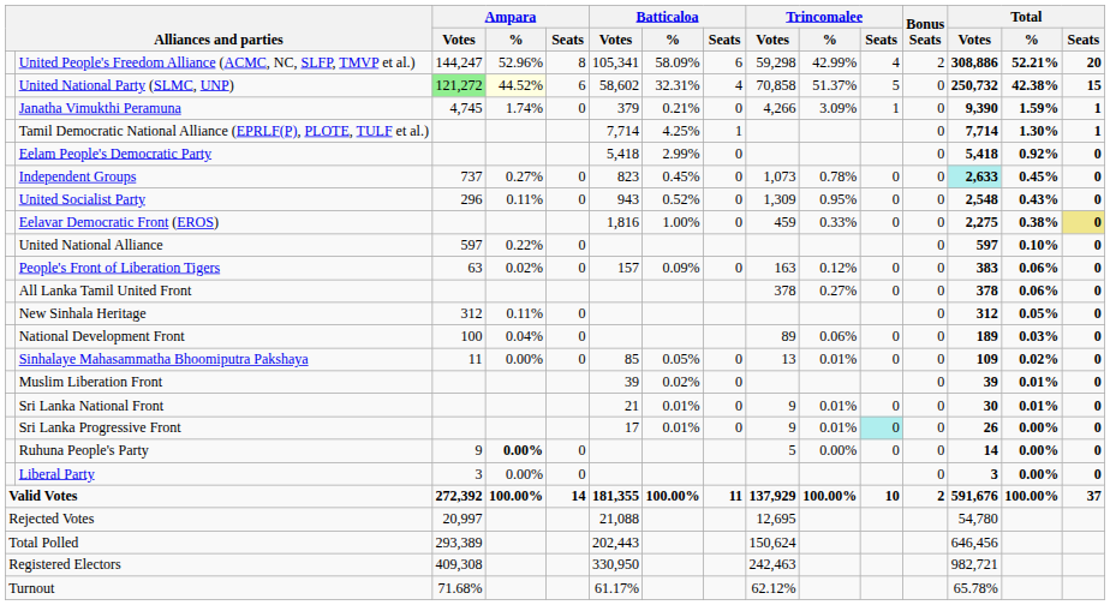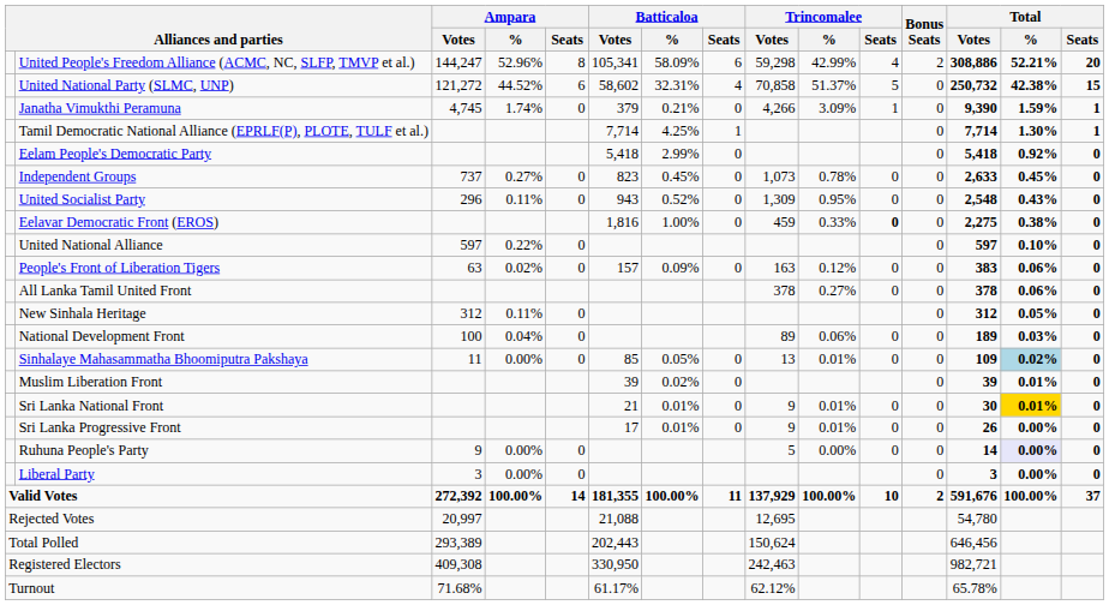 <table class="wikitable" style="text-align:right;">
 <tr>
 <th valign=bottom rowspan=2 colspan=2 width="300">Alliances and parties</th>
 <th colspan=3><a href='#'>Ampara</a></th>
 <th colspan=3><a href='#'>Batticaloa</a></th>
 <th colspan=3><a href='#'>Trincomalee</a></th>
 <th valign=bottom rowspan=2 width="40">Bonus<br>Seats</th>
 <th colspan=3>Total</th>
 </tr>
 <tr>
 <th align=center valign=bottom width="50">Votes</th>
 <th align=center valign=bottom width="50">%</th>
 <th align=center valign=bottom width="40">Seats</th>
 <th align=center valign=bottom width="50">Votes</th>
 <th align=center valign=bottom width="50">%</th>
 <th align=center valign=bottom width="40">Seats</th>
 <th align=center valign=bottom width="50">Votes</th>
 <th align=center valign=bottom width="50">%</th>
 <th align=center valign=bottom width="40">Seats</th>
 <th align=center valign=bottom width="50">Votes</th>
 <th align=center valign=bottom width="50">%</th>
 <th align=center valign=bottom width="40">Seats</th>
 </tr>
 <tr>
 <td bgcolor=> </td>
 <td align=left><a href='#'>United People's Freedom Alliance</a> (<a href='#'>ACMC</a>, NC, <a href='#'>SLFP</a>, <a href='#'>TMVP</a> et al.)</td>
 <td>144,247</td>
 <td>52.96%</td>
 <td>8</td>
 <td>105,341</td>
 <td>58.09%</td>
 <td>6</td>
 <td>59,298</td>
 <td>42.99%</td>
 <td>4</td>
 <td>2</td>
 <td><strong>308,886</strong></td>
 <td><strong>52.21%</strong></td>
 <td><strong>20</strong></td>
 </tr>
 <tr>
 <td bgcolor=> </td>
 <td align=left><a href='#'>United National Party</a> (<a href='#'>SLMC</a>, <a href='#'>UNP</a>)</td>
-<td style="background: lightgreen;">121,272</td>
-<td style="background: lightyellow;">44.52%</td>
+<td>121,272</td>
+<td>44.52%</td>
 <td>6</td>
 <td>58,602</td>
 <td>32.31%</td>
 <td>4</td>
 <td>70,858</td>
 <td>51.37%</td>
 <td>5</td>
 <td>0</td>
 <td><strong>250,732</strong></td>
 <td><strong>42.38%</strong></td>
 <td><strong>15</strong></td>
 </tr>
 <tr>
 <td bgcolor=> </td>
 <td align=left><a href='#'>Janatha Vimukthi Peramuna</a></td>
 <td>4,745</td>
 <td>1.74%</td>
 <td>0</td>
 <td>379</td>
 <td>0.21%</td>
 <td>0</td>
 <td>4,266</td>
 <td>3.09%</td>
 <td>1</td>
 <td>0</td>
 <td><strong>9,390</strong></td>
 <td><strong>1.59%</strong></td>
 <td><strong>1</strong></td>
 </tr>
 <tr>
 <td bgcolor=> </td>
 <td align=left>Tamil Democratic National Alliance (<a href='#'>EPRLF(P)</a>, <a href='#'>PLOTE</a>, <a href='#'>TULF</a> et al.)</td>
 <td></td>
 <td></td>
 <td></td>
 <td>7,714</td>
 <td>4.25%</td>
 <td>1</td>
 <td></td>
 <td></td>
 <td></td>
 <td>0</td>
 <td><strong>7,714</strong></td>
 <td><strong>1.30%</strong></td>
 <td><strong>1</strong></td>
 </tr>
 <tr>
 <td bgcolor=> </td>
 <td align=left><a href='#'>Eelam People's Democratic Party</a></td>
 <td></td>
 <td></td>
 <td></td>
 <td>5,418</td>
 <td>2.99%</td>
 <td>0</td>
 <td></td>
 <td></td>
 <td></td>
 <td>0</td>
 <td><strong>5,418</strong></td>
 <td><strong>0.92%</strong></td>
 <td><strong>0</strong></td>
 </tr>
 <tr>
 <td bgcolor=> </td>
 <td align=left><a href='#'>Independent Groups</a></td>
 <td>737</td>
 <td>0.27%</td>
 <td>0</td>
 <td>823</td>
 <td>0.45%</td>
 <td>0</td>
 <td>1,073</td>
 <td>0.78%</td>
 <td>0</td>
 <td>0</td>
-<td style="background: paleturquoise;"><strong>2,633</strong></td>
+<td><strong>2,633</strong></td>
 <td><strong>0.45%</strong></td>
 <td><strong>0</strong></td>
 </tr>
 <tr>
 <td></td>
 <td align=left><a href='#'>United Socialist Party</a></td>
 <td>296</td>
 <td>0.11%</td>
 <td>0</td>
 <td>943</td>
 <td>0.52%</td>
 <td>0</td>
 <td>1,309</td>
 <td>0.95%</td>
 <td>0</td>
 <td>0</td>
 <td><strong>2,548</strong></td>
 <td><strong>0.43%</strong></td>
 <td><strong>0</strong></td>
 </tr>
 <tr>
 <td bgcolor=> </td>
 <td align=left><a href='#'>Eelavar Democratic Front</a> (<a href='#'>EROS</a>)</td>
 <td></td>
 <td></td>
 <td></td>
 <td>1,816</td>
 <td>1.00%</td>
 <td>0</td>
 <td>459</td>
 <td>0.33%</td>
-<td>0</td>
+<td><strong>0</strong></td>
 <td>0</td>
 <td><strong>2,275</strong></td>
 <td><strong>0.38%</strong></td>
-<td style="background: khaki;"><strong>0</strong></td>
+<td><strong>0</strong></td>
 </tr>
 <tr>
 <td></td>
 <td align=left>United National Alliance</td>
 <td>597</td>
 <td>0.22%</td>
 <td>0</td>
 <td></td>
 <td></td>
 <td></td>
 <td></td>
 <td></td>
 <td></td>
 <td>0</td>
 <td><strong>597</strong></td>
 <td><strong>0.10%</strong></td>
 <td><strong>0</strong></td>
 </tr>
 <tr>
 <td></td>
 <td align=left><a href='#'>People's Front of Liberation Tigers</a></td>
 <td>63</td>
 <td>0.02%</td>
 <td>0</td>
 <td>157</td>
 <td>0.09%</td>
 <td>0</td>
 <td>163</td>
 <td>0.12%</td>
 <td>0</td>
 <td>0</td>
 <td><strong>383</strong></td>
 <td><strong>0.06%</strong></td>
 <td><strong>0</strong></td>
 </tr>
 <tr>
 <td></td>
 <td align=left>All Lanka Tamil United Front</td>
 <td></td>
 <td></td>
 <td></td>
 <td></td>
 <td></td>
 <td></td>
 <td>378</td>
 <td>0.27%</td>
 <td>0</td>
 <td>0</td>
 <td><strong>378</strong></td>
 <td><strong>0.06%</strong></td>
 <td><strong>0</strong></td>
 </tr>
 <tr>
 <td></td>
 <td align=left>New Sinhala Heritage</td>
 <td>312</td>
 <td>0.11%</td>
 <td>0</td>
 <td></td>
 <td></td>
 <td></td>
 <td></td>
 <td></td>
 <td></td>
 <td>0</td>
 <td><strong>312</strong></td>
 <td><strong>0.05%</strong></td>
 <td><strong>0</strong></td>
 </tr>
 <tr>
 <td></td>
 <td align=left>National Development Front</td>
 <td>100</td>
 <td>0.04%</td>
 <td>0</td>
 <td></td>
 <td></td>
 <td></td>
 <td>89</td>
 <td>0.06%</td>
 <td>0</td>
 <td>0</td>
 <td><strong>189</strong></td>
 <td><strong>0.03%</strong></td>
 <td><strong>0</strong></td>
 </tr>
 <tr>
 <td bgcolor=> </td>
 <td align=left><a href='#'>Sinhalaye Mahasammatha Bhoomiputra Pakshaya</a></td>
 <td>11</td>
 <td>0.00%</td>
 <td>0</td>
 <td>85</td>
 <td>0.05%</td>
 <td>0</td>
 <td>13</td>
 <td>0.01%</td>
 <td>0</td>
 <td>0</td>
 <td><strong>109</strong></td>
-<td><strong>0.02%</strong></td>
+<td style="background: lightblue;"><strong>0.02%</strong></td>
 <td><strong>0</strong></td>
 </tr>
 <tr>
 <td></td>
 <td align=left>Muslim Liberation Front</td>
 <td></td>
 <td></td>
 <td></td>
 <td>39</td>
 <td>0.02%</td>
 <td>0</td>
 <td></td>
 <td></td>
 <td></td>
 <td>0</td>
 <td><strong>39</strong></td>
 <td><strong>0.01%</strong></td>
 <td><strong>0</strong></td>
 </tr>
 <tr>
 <td></td>
 <td align=left>Sri Lanka National Front</td>
 <td></td>
 <td></td>
 <td></td>
 <td>21</td>
 <td>0.01%</td>
 <td>0</td>
 <td>9</td>
 <td>0.01%</td>
 <td>0</td>
 <td>0</td>
 <td><strong>30</strong></td>
-<td><strong>0.01%</strong></td>
+<td style="background: gold;"><strong>0.01%</strong></td>
 <td><strong>0</strong></td>
 </tr>
 <tr>
 <td></td>
 <td align=left>Sri Lanka Progressive Front</td>
 <td></td>
 <td></td>
 <td></td>
 <td>17</td>
 <td>0.01%</td>
 <td>0</td>
 <td>9</td>
 <td>0.01%</td>
-<td style="background: paleturquoise;">0</td>
+<td>0</td>
 <td>0</td>
 <td><strong>26</strong></td>
 <td><strong>0.00%</strong></td>
 <td><strong>0</strong></td>
 </tr>
 <tr>
 <td></td>
 <td align=left>Ruhuna People's Party</td>
 <td>9</td>
-<td><strong>0.00%</strong></td>
+<td>0.00%</td>
 <td>0</td>
 <td></td>
 <td></td>
 <td></td>
 <td>5</td>
 <td>0.00%</td>
 <td>0</td>
 <td>0</td>
 <td><strong>14</strong></td>
-<td><strong>0.00%</strong></td>
+<td style="background: lavender;"><strong>0.00%</strong></td>
 <td><strong>0</strong></td>
 </tr>
 <tr>
 <td></td>
 <td align=left><a href='#'>Liberal Party</a></td>
 <td>3</td>
 <td>0.00%</td>
 <td>0</td>
 <td></td>
 <td></td>
 <td></td>
 <td></td>
 <td></td>
 <td></td>
 <td>0</td>
 <td><strong>3</strong></td>
 <td><strong>0.00%</strong></td>
 <td><strong>0</strong></td>
 </tr>
 <tr>
 <td colspan=2 align=left><strong>Valid Votes</strong></td>
 <td><strong>272,392</strong></td>
 <td><strong>100.00%</strong></td>
 <td><strong>14</strong></td>
 <td><strong>181,355</strong></td>
 <td><strong>100.00%</strong></td>
 <td><strong>11</strong></td>
 <td><strong>137,929</strong></td>
 <td><strong>100.00%</strong></td>
 <td><strong>10</strong></td>
 <td><strong>2</strong></td>
 <td><strong>591,676</strong></td>
 <td><strong>100.00%</strong></td>
 <td><strong>37</strong></td>
 </tr>
 <tr>
 <td colspan=2 align=left>Rejected Votes</td>
 <td>20,997</td>
 <td></td>
 <td></td>
 <td>21,088</td>
 <td></td>
 <td></td>
 <td>12,695</td>
 <td></td>
 <td></td>
 <td></td>
 <td>54,780</td>
 <td></td>
 <td></td>
 </tr>
 <tr>
 <td colspan=2 align=left>Total Polled</td>
 <td>293,389</td>
 <td></td>
 <td></td>
 <td>202,443</td>
 <td></td>
 <td></td>
 <td>150,624</td>
 <td></td>
 <td></td>
 <td></td>
 <td>646,456</td>
 <td></td>
 <td></td>
 </tr>
 <tr>
 <td colspan=2 align=left>Registered Electors</td>
 <td>409,308</td>
 <td></td>
 <td></td>
 <td>330,950</td>
 <td></td>
 <td></td>
 <td>242,463</td>
 <td></td>
 <td></td>
 <td></td>
 <td>982,721</td>
 <td></td>
 <td></td>
 </tr>
 <tr>
 <td colspan=2 align=left>Turnout</td>
 <td>71.68%</td>
 <td></td>
 <td></td>
 <td>61.17%</td>
 <td></td>
 <td></td>
 <td>62.12%</td>
 <td></td>
 <td></td>
 <td></td>
 <td>65.78%</td>
 <td></td>
 <td></td>
 </tr>
 </table>
